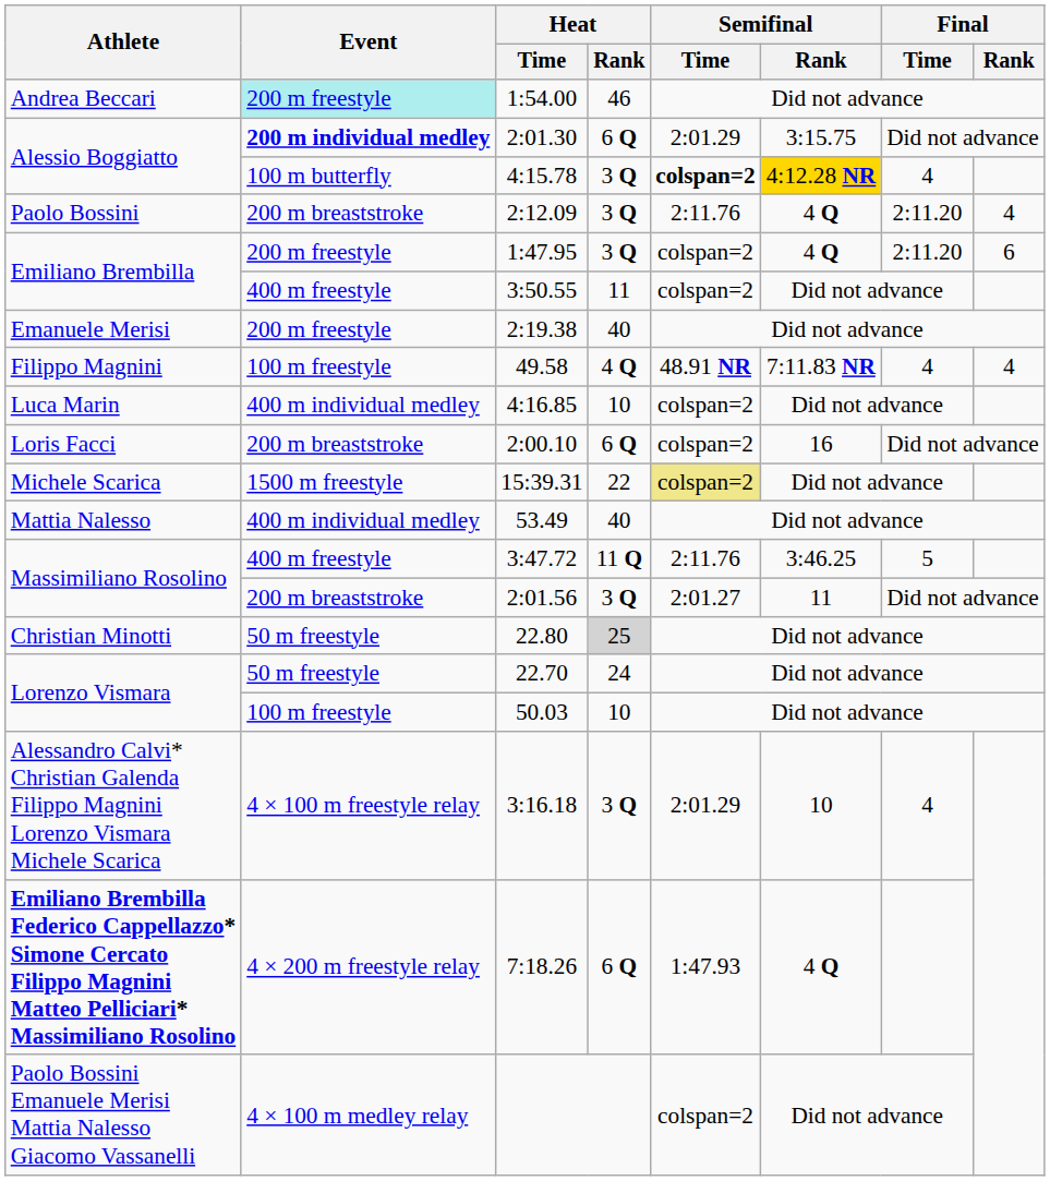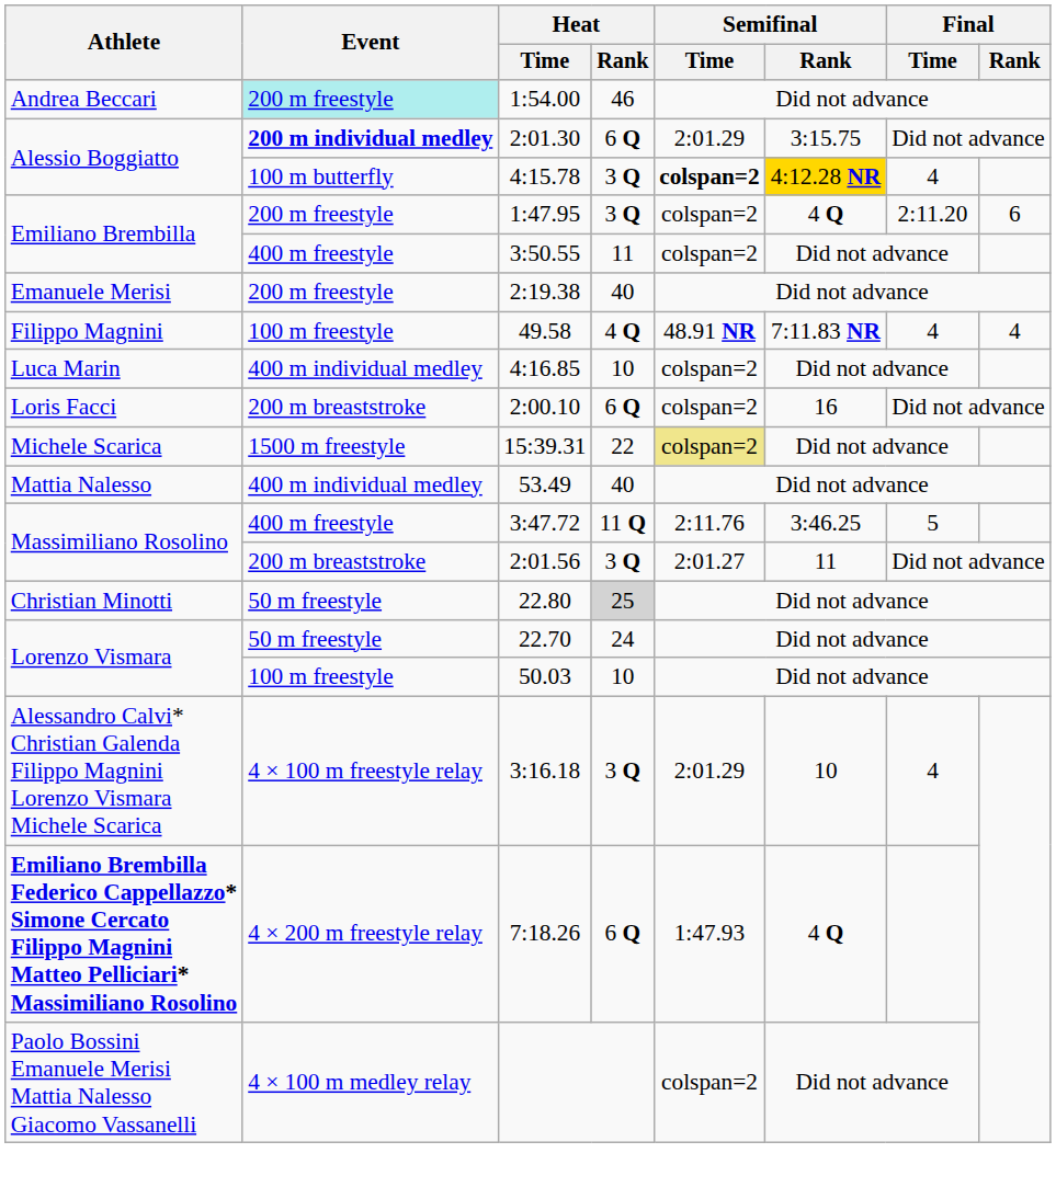 <table class=wikitable style="font-size:90%">
 <tr>
 <th rowspan="2">Athlete</th>
 <th rowspan="2">Event</th>
 <th colspan="2">Heat</th>
 <th colspan="2">Semifinal</th>
 <th colspan="2">Final</th>
 </tr>
 <tr style="font-size:95%">
 <th>Time</th>
 <th>Rank</th>
 <th>Time</th>
 <th>Rank</th>
 <th>Time</th>
 <th>Rank</th>
 </tr>
 <tr align=center>
 <td align=left><a href='#'>Andrea Beccari</a></td>
 <td align=left style="background: paleturquoise;"><a href='#'>200 m freestyle</a></td>
 <td>1:54.00</td>
 <td>46</td>
 <td colspan=4>Did not advance</td>
 </tr>
 <tr align=center>
 <td align=left rowspan=2><a href='#'>Alessio Boggiatto</a></td>
 <td align=left><strong><a href='#'>200 m individual medley</a></strong></td>
 <td>2:01.30</td>
 <td>6 <strong>Q</strong></td>
 <td>2:01.29</td>
 <td>3:15.75</td>
 <td colspan=2>Did not advance</td>
 </tr>
 <tr align=center>
 <td align=left><a href='#'>100 m butterfly</a></td>
 <td>4:15.78</td>
 <td>3 <strong>Q</strong></td>
 <td><strong>colspan=2 </strong></td>
 <td style="background: gold;">4:12.28 <strong><a href='#'>NR</a></strong></td>
-<td>4</td>
-</tr>
-<tr align=center>
-<td align=left><a href='#'>Paolo Bossini</a></td>
-<td align=left><a href='#'>200 m breaststroke</a></td>
-<td>2:12.09</td>
-<td>3 <strong>Q</strong></td>
-<td>2:11.76</td>
-<td>4 <strong>Q</strong></td>
-<td>2:11.20</td>
 <td>4</td>
 </tr>
 <tr align=center>
 <td align=left rowspan=2><a href='#'>Emiliano Brembilla</a></td>
 <td align=left><a href='#'>200 m freestyle</a></td>
 <td>1:47.95</td>
 <td>3 <strong>Q</strong></td>
 <td>colspan=2 </td>
 <td>4 <strong>Q</strong></td>
 <td>2:11.20</td>
 <td>6</td>
 </tr>
 <tr align=center>
 <td align=left><a href='#'>400 m freestyle</a></td>
 <td>3:50.55</td>
 <td>11</td>
 <td>colspan=2 </td>
 <td colspan=2>Did not advance</td>
 </tr>
 <tr align=center>
 <td align=left><a href='#'>Emanuele Merisi</a></td>
 <td align=left><a href='#'>200 m freestyle</a></td>
 <td>2:19.38</td>
 <td>40</td>
 <td colspan=4>Did not advance</td>
 </tr>
 <tr align=center>
 <td align=left><a href='#'>Filippo Magnini</a></td>
 <td align=left><a href='#'>100 m freestyle</a></td>
 <td>49.58</td>
 <td>4 <strong>Q</strong></td>
 <td>48.91 <strong><a href='#'>NR</a></strong></td>
 <td>7:11.83 <strong><a href='#'>NR</a></strong></td>
 <td>4</td>
 <td>4</td>
 </tr>
 <tr align=center>
 <td align=left><a href='#'>Luca Marin</a></td>
 <td align=left><a href='#'>400 m individual medley</a></td>
 <td>4:16.85</td>
 <td>10</td>
 <td>colspan=2 </td>
 <td colspan=2>Did not advance</td>
 </tr>
 <tr align=center>
 <td align=left><a href='#'>Loris Facci</a></td>
 <td align=left><a href='#'>200 m breaststroke</a></td>
 <td>2:00.10</td>
 <td>6 <strong>Q</strong></td>
 <td>colspan=2 </td>
 <td>16</td>
 <td colspan=2>Did not advance</td>
 </tr>
 <tr align=center>
 <td align=left><a href='#'>Michele Scarica</a></td>
 <td align=left><a href='#'>1500 m freestyle</a></td>
 <td>15:39.31</td>
 <td>22</td>
 <td style="background: khaki;">colspan=2 </td>
 <td colspan=2>Did not advance</td>
 </tr>
 <tr align=center>
 <td align=left><a href='#'>Mattia Nalesso</a></td>
 <td align=left><a href='#'>400 m individual medley</a></td>
 <td>53.49</td>
 <td>40</td>
 <td colspan=4>Did not advance</td>
 </tr>
 <tr align=center>
 <td align=left rowspan=2><a href='#'>Massimiliano Rosolino</a></td>
 <td align=left><a href='#'>400 m freestyle</a></td>
 <td>3:47.72</td>
 <td>11 <strong>Q</strong></td>
 <td>2:11.76</td>
 <td>3:46.25</td>
 <td>5</td>
 </tr>
 <tr align=center>
 <td align=left><a href='#'>200 m breaststroke</a></td>
 <td>2:01.56</td>
 <td>3 <strong>Q</strong></td>
 <td>2:01.27</td>
 <td>11</td>
 <td colspan=2>Did not advance</td>
 </tr>
 <tr align=center>
 <td align=left><a href='#'>Christian Minotti</a></td>
 <td align=left><a href='#'>50 m freestyle</a></td>
 <td>22.80</td>
 <td style="background: lightgrey;">25</td>
 <td colspan=4>Did not advance</td>
 </tr>
 <tr align=center>
 <td align=left rowspan=2><a href='#'>Lorenzo Vismara</a></td>
 <td align=left><a href='#'>50 m freestyle</a></td>
 <td>22.70</td>
 <td>24</td>
 <td colspan=4>Did not advance</td>
 </tr>
 <tr align=center>
 <td align=left><a href='#'>100 m freestyle</a></td>
 <td>50.03</td>
 <td>10</td>
 <td colspan=4>Did not advance</td>
 </tr>
 <tr align=center>
 <td align=left><a href='#'>Alessandro Calvi</a>*<br><a href='#'>Christian Galenda</a><br><a href='#'>Filippo Magnini</a><br><a href='#'>Lorenzo Vismara</a><br><a href='#'>Michele Scarica</a></td>
 <td align=left><a href='#'>4 × 100 m freestyle relay</a></td>
 <td>3:16.18</td>
 <td>3 <strong>Q</strong></td>
 <td>2:01.29</td>
 <td>10</td>
 <td>4</td>
 </tr>
 <tr align=center>
 <td align=left><strong><a href='#'>Emiliano Brembilla</a><br><a href='#'>Federico Cappellazzo</a>*<br><a href='#'>Simone Cercato</a><br><a href='#'>Filippo Magnini</a><br><a href='#'>Matteo Pelliciari</a>*<br><a href='#'>Massimiliano Rosolino</a></strong></td>
 <td align=left><a href='#'>4 × 200 m freestyle relay</a></td>
 <td>7:18.26</td>
 <td>6 <strong>Q</strong></td>
 <td>1:47.93</td>
 <td>4 <strong>Q</strong></td>
 <td></td>
 </tr>
 <tr align=center>
 <td align=left><a href='#'>Paolo Bossini</a><br><a href='#'>Emanuele Merisi</a><br><a href='#'>Mattia Nalesso</a><br><a href='#'>Giacomo Vassanelli</a></td>
 <td align=left><a href='#'>4 × 100 m medley relay</a></td>
 <td colspan=2></td>
 <td>colspan=2 </td>
 <td colspan=2>Did not advance</td>
 </tr>
 </table>
